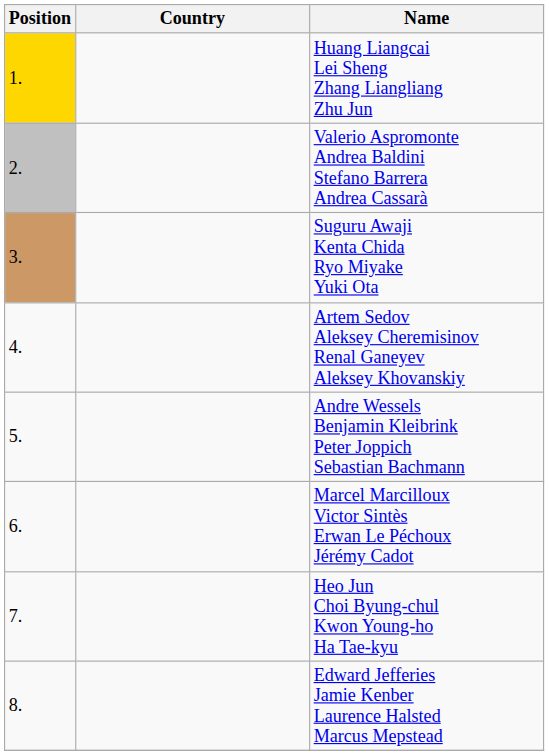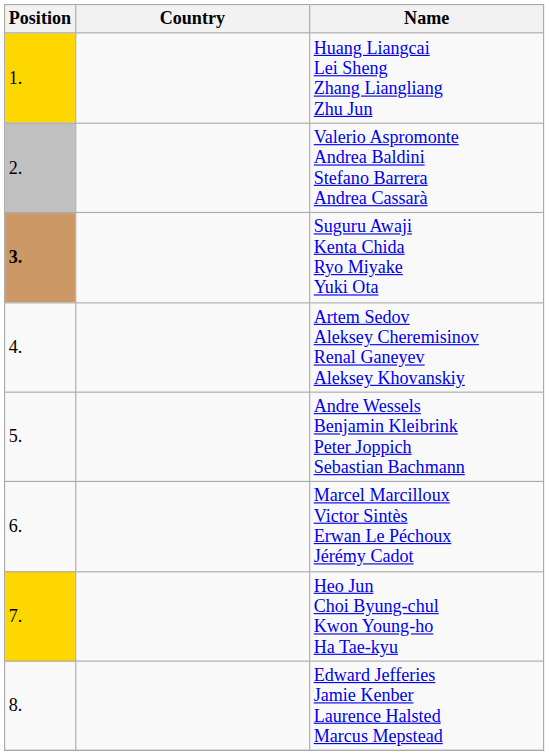 <table class="wikitable sortable">
 <tr>
 <th width="10">Position</th>
 <th width="200">Country</th>
 <th width="200">Name</th>
 </tr>
 <tr>
 <td bgcolor="gold">1.</td>
 <td></td>
 <td><a href='#'>Huang Liangcai</a><br><a href='#'>Lei Sheng</a><br><a href='#'>Zhang Liangliang</a><br><a href='#'>Zhu Jun</a></td>
 </tr>
 <tr>
 <td bgcolor="silver">2.</td>
 <td></td>
 <td><a href='#'>Valerio Aspromonte</a><br><a href='#'>Andrea Baldini</a><br><a href='#'>Stefano Barrera</a><br><a href='#'>Andrea Cassarà</a></td>
 </tr>
 <tr>
-<td bgcolor="#CC9966">3.</td>
+<td bgcolor="#CC9966"><strong>3.</strong></td>
 <td></td>
 <td><a href='#'>Suguru Awaji</a><br><a href='#'>Kenta Chida</a><br><a href='#'>Ryo Miyake</a><br><a href='#'>Yuki Ota</a></td>
 </tr>
 <tr>
 <td>4.</td>
 <td></td>
 <td><a href='#'>Artem Sedov</a><br><a href='#'>Aleksey Cheremisinov</a><br><a href='#'>Renal Ganeyev</a><br><a href='#'>Aleksey Khovanskiy</a></td>
 </tr>
 <tr>
 <td>5.</td>
 <td></td>
 <td><a href='#'>Andre Wessels</a><br><a href='#'>Benjamin Kleibrink</a><br><a href='#'>Peter Joppich</a><br><a href='#'>Sebastian Bachmann</a></td>
 </tr>
 <tr>
 <td>6.</td>
 <td></td>
 <td><a href='#'>Marcel Marcilloux</a><br><a href='#'>Victor Sintès</a><br><a href='#'>Erwan Le Péchoux</a><br><a href='#'>Jérémy Cadot</a></td>
 </tr>
 <tr>
-<td>7.</td>
+<td style="background: gold;">7.</td>
 <td></td>
 <td><a href='#'>Heo Jun</a><br><a href='#'>Choi Byung-chul</a><br><a href='#'>Kwon Young-ho</a><br><a href='#'>Ha Tae-kyu</a></td>
 </tr>
 <tr>
 <td>8.</td>
 <td></td>
 <td><a href='#'>Edward Jefferies</a><br><a href='#'>Jamie Kenber</a><br><a href='#'>Laurence Halsted</a><br><a href='#'>Marcus Mepstead</a></td>
 </tr>
 <tr>
 </tr>
 </table>
